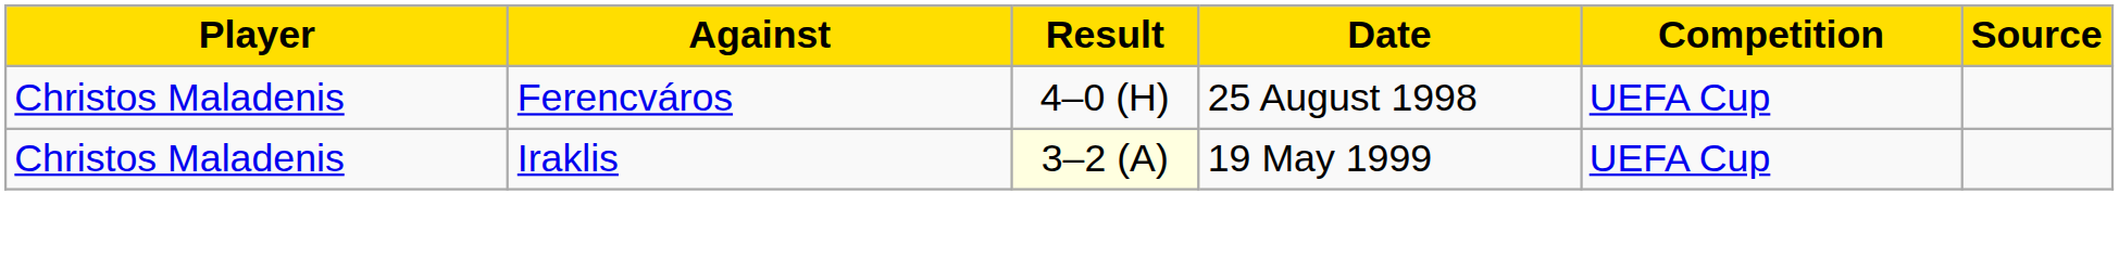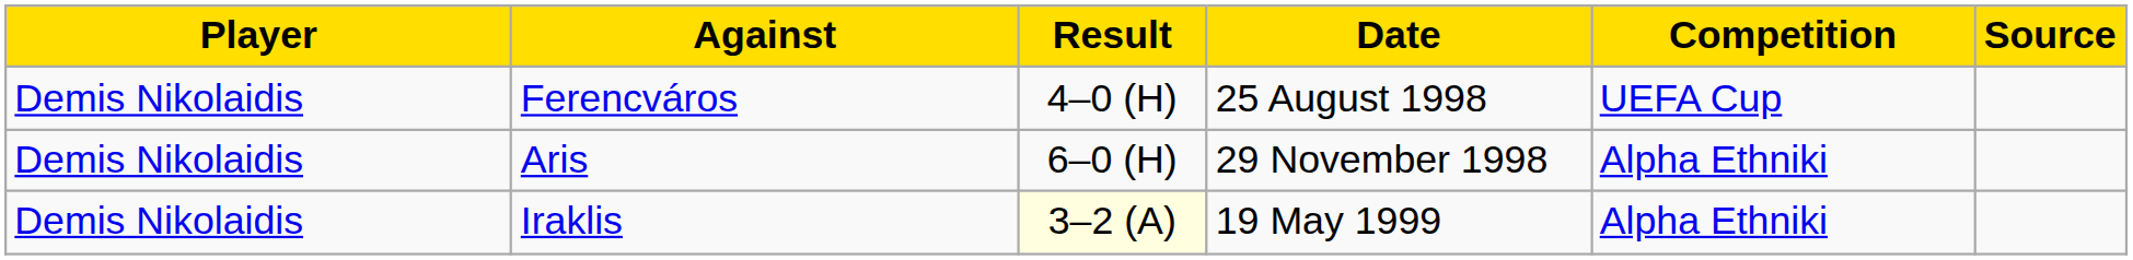 <table class="wikitable">
 <tr>
 <th width=200 style="background:#FFDE00">Player</th>
 <th width=200 style="background:#FFDE00">Against</th>
 <th width=70 style="background:#FFDE00">Result</th>
 <th width=150 style="background:#FFDE00">Date</th>
 <th width=150 style="background:#FFDE00">Competition</th>
 <th style="background:#FFDE00">Source</th>
 </tr>
 <tr>
-<td> <a href='#'>Christos Maladenis</a></td>
+<td> <a href='#'>Demis Nikolaidis</a></td>
 <td> <a href='#'>Ferencváros</a></td>
 <td align=center>4–0 (H)</td>
 <td>25 August 1998</td>
 <td><a href='#'>UEFA Cup</a></td>
 <td align=center></td>
 </tr>
 <tr>
-<td> <a href='#'>Christos Maladenis</a></td>
+<td> <a href='#'>Demis Nikolaidis</a></td>
+<td> <a href='#'>Aris</a></td>
+<td align=center>6–0 (H)</td>
+<td>29 November 1998</td>
+<td><a href='#'>Alpha Ethniki</a></td>
+<td align=center></td>
+</tr>
+<tr>
+<td> <a href='#'>Demis Nikolaidis</a></td>
 <td> <a href='#'>Iraklis</a></td>
 <td align=center style="background: lightyellow;">3–2 (A)</td>
 <td>19 May 1999</td>
-<td><a href='#'>UEFA Cup</a></td>
+<td><a href='#'>Alpha Ethniki</a></td>
 <td align=center></td>
 </tr>
 </table>
